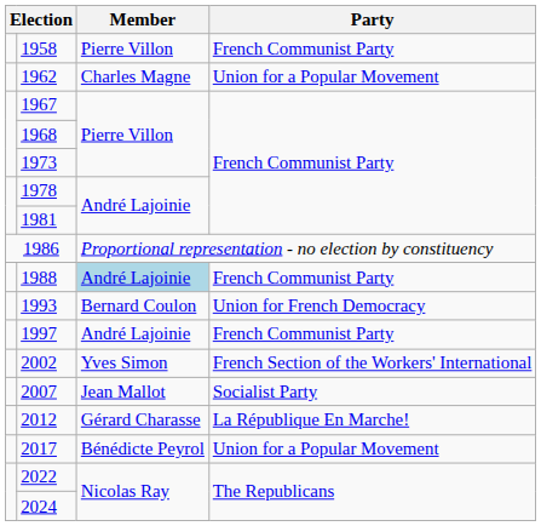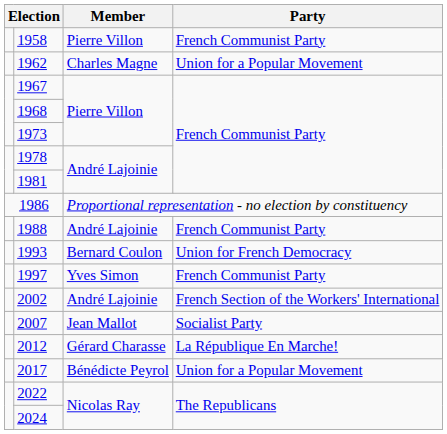 <table class="wikitable">
 <tr>
 <th colspan="2">Election</th>
 <th>Member</th>
 <th>Party</th>
 </tr>
 <tr>
 <td style="color:inherit;background-color: "></td>
 <td><a href='#'>1958</a></td>
 <td><a href='#'>Pierre Villon</a></td>
 <td><a href='#'>French Communist Party</a></td>
 </tr>
 <tr>
 <td style="color:inherit;background-color: "></td>
 <td><a href='#'>1962</a></td>
 <td><a href='#'>Charles Magne</a></td>
 <td><a href='#'>Union for a Popular Movement</a></td>
 </tr>
 <tr>
 <td rowspan="3" style="color:inherit;background-color: "></td>
 <td><a href='#'>1967</a></td>
 <td rowspan="3"><a href='#'>Pierre Villon</a></td>
 <td rowspan="5"><a href='#'>French Communist Party</a></td>
 </tr>
 <tr>
 <td><a href='#'>1968</a></td>
 </tr>
 <tr>
 <td><a href='#'>1973</a></td>
 </tr>
 <tr>
 <td rowspan="2" style="color:inherit;background-color: "></td>
 <td><a href='#'>1978</a></td>
 <td rowspan="2"><a href='#'>André Lajoinie</a></td>
 </tr>
 <tr>
 <td><a href='#'>1981</a></td>
 </tr>
 <tr>
 <td colspan="2" align="center"><a href='#'>1986</a></td>
 <td colspan="2"><em><a href='#'>Proportional representation</a> - no election by constituency</em></td>
 </tr>
 <tr>
 <td style="color:inherit;background-color: "></td>
 <td><a href='#'>1988</a></td>
-<td style="background: lightblue;"><a href='#'>André Lajoinie</a></td>
+<td><a href='#'>André Lajoinie</a></td>
 <td><a href='#'>French Communist Party</a></td>
 </tr>
 <tr>
 <td style="color:inherit;background-color: "></td>
 <td><a href='#'>1993</a></td>
 <td><a href='#'>Bernard Coulon</a></td>
 <td><a href='#'>Union for French Democracy</a></td>
 </tr>
 <tr>
 <td style="color:inherit;background-color: "></td>
 <td><a href='#'>1997</a></td>
-<td><a href='#'>André Lajoinie</a></td>
+<td><a href='#'>Yves Simon</a></td>
 <td><a href='#'>French Communist Party</a></td>
 </tr>
 <tr>
 <td style="color:inherit;background-color: "></td>
 <td><a href='#'>2002</a></td>
-<td><a href='#'>Yves Simon</a></td>
+<td><a href='#'>André Lajoinie</a></td>
 <td><a href='#'>French Section of the Workers' International</a></td>
 </tr>
 <tr>
 <td style="color:inherit;background-color: "></td>
 <td><a href='#'>2007</a></td>
 <td><a href='#'>Jean Mallot</a></td>
 <td><a href='#'>Socialist Party</a></td>
 </tr>
 <tr>
 <td style="color:inherit;background-color: "></td>
 <td><a href='#'>2012</a></td>
 <td><a href='#'>Gérard Charasse</a></td>
 <td><a href='#'>La République En Marche!</a></td>
 </tr>
 <tr>
 <td style="color:inherit;background-color: "></td>
 <td><a href='#'>2017</a></td>
 <td><a href='#'>Bénédicte Peyrol</a></td>
 <td><a href='#'>Union for a Popular Movement</a></td>
 </tr>
 <tr>
 <td rowspan="2" style="color:inherit;background-color: "></td>
 <td><a href='#'>2022</a></td>
 <td rowspan="2"><a href='#'>Nicolas Ray</a></td>
 <td rowspan="2"><a href='#'>The Republicans</a></td>
 </tr>
 <tr>
 <td><a href='#'>2024</a></td>
 </tr>
 </table>
